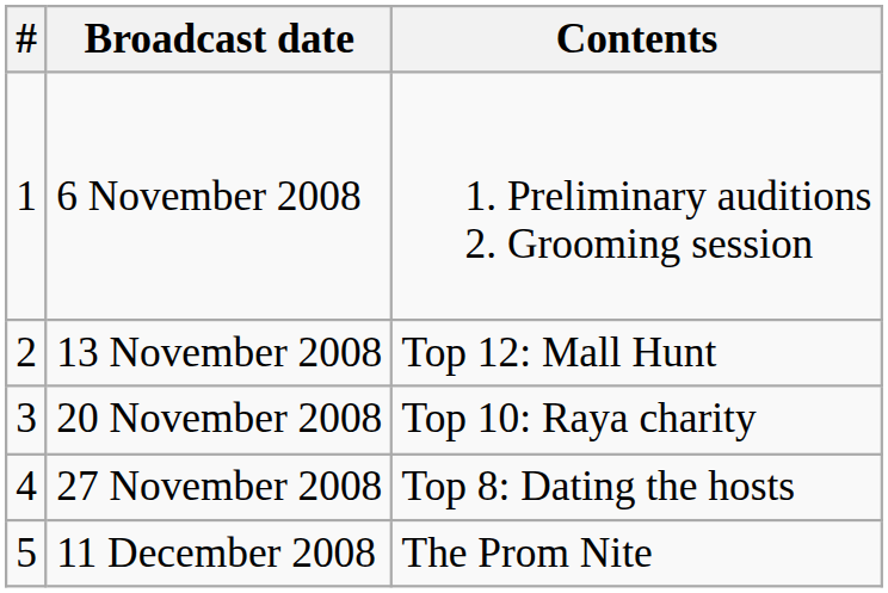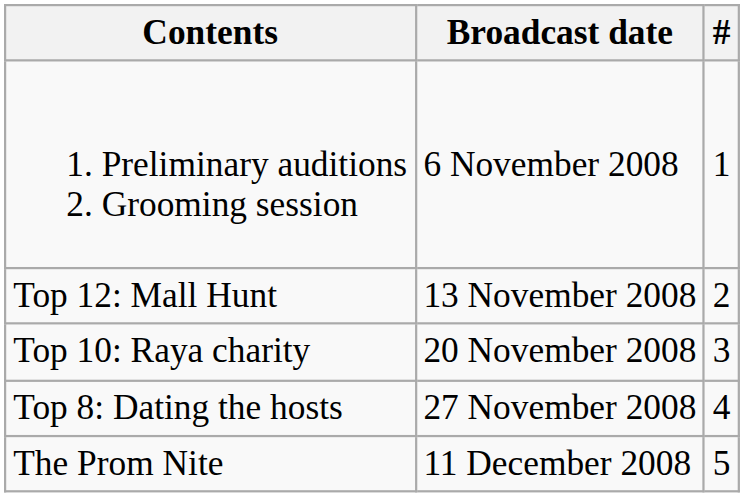 <table class=wikitable>
 <tr>
+<th>Contents</th>
+<th>Broadcast date</th>
 <th>#</th>
-<th>Broadcast date</th>
-<th>Contents</th>
 </tr>
 <tr>
+<td><br><ol><li>Preliminary auditions</li><li>Grooming session</li></ol></td>
+<td>6 November 2008</td>
 <td>1</td>
-<td>6 November 2008</td>
-<td><br><ol><li>Preliminary auditions</li><li>Grooming session</li></ol></td>
 </tr>
 <tr>
+<td>Top 12: Mall Hunt</td>
+<td>13 November 2008</td>
 <td>2</td>
-<td>13 November 2008</td>
-<td>Top 12: Mall Hunt</td>
 </tr>
 <tr>
+<td>Top 10: Raya charity</td>
+<td>20 November 2008</td>
 <td>3</td>
-<td>20 November 2008</td>
-<td>Top 10: Raya charity</td>
 </tr>
 <tr>
+<td>Top 8: Dating the hosts</td>
+<td>27 November 2008</td>
 <td>4</td>
-<td>27 November 2008</td>
-<td>Top 8: Dating the hosts</td>
 </tr>
 <tr>
+<td>The Prom Nite</td>
+<td>11 December 2008</td>
 <td>5</td>
-<td>11 December 2008</td>
-<td>The Prom Nite</td>
 </tr>
 </table>
